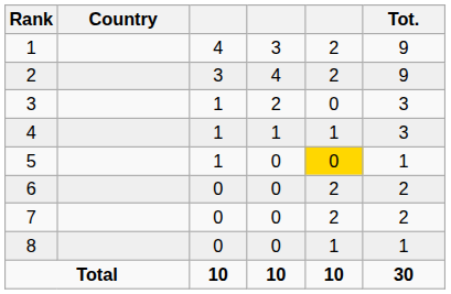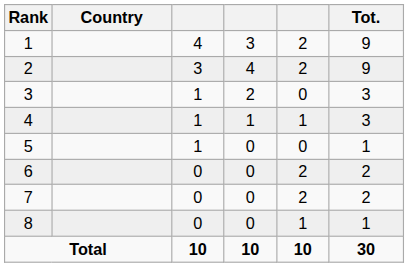 <table class=wikitable width=40% cellspacing="1" cellpadding="3" style="border:1px solid #AAAAAA;font-size:90%; text-align:center">
 <tr bgcolor="#EFEFEF">
 <th width=10%>Rank</th>
 <th width=30%>Country</th>
 <th></th>
 <th></th>
 <th></th>
 <th>Tot.</th>
 </tr>
 <tr>
 <td>1</td>
 <td align=left></td>
 <td>4</td>
 <td>3</td>
 <td>2</td>
 <td>9</td>
 </tr>
 <tr bgcolor="#efefef">
 <td>2</td>
 <td align=left></td>
 <td>3</td>
 <td>4</td>
 <td>2</td>
 <td>9</td>
 </tr>
 <tr>
 <td>3</td>
 <td align=left></td>
 <td>1</td>
 <td>2</td>
 <td>0</td>
 <td>3</td>
 </tr>
 <tr bgcolor="#efefef">
 <td>4</td>
 <td align=left></td>
 <td>1</td>
 <td>1</td>
 <td>1</td>
 <td>3</td>
 </tr>
 <tr>
 <td>5</td>
 <td align=left></td>
 <td>1</td>
 <td>0</td>
-<td style="background: gold;">0</td>
+<td>0</td>
 <td>1</td>
 </tr>
 <tr bgcolor="#efefef">
 <td>6</td>
 <td align=left></td>
 <td>0</td>
 <td>0</td>
 <td>2</td>
 <td>2</td>
 </tr>
 <tr>
 <td>7</td>
 <td align=left></td>
 <td>0</td>
 <td>0</td>
 <td>2</td>
 <td>2</td>
 </tr>
 <tr bgcolor="#efefef">
 <td>8</td>
 <td align=left></td>
 <td>0</td>
 <td>0</td>
 <td>1</td>
 <td>1</td>
 </tr>
 <tr>
 <td colspan=2><strong>Total</strong></td>
 <td><strong>10</strong></td>
 <td><strong>10</strong></td>
 <td><strong>10</strong></td>
 <td><strong>30</strong></td>
 </tr>
 </table>
